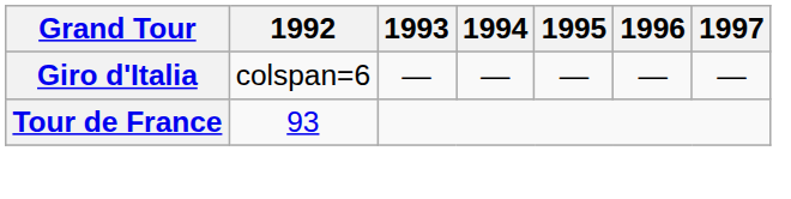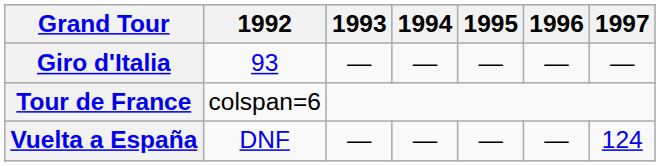 <table class="wikitable plainrowheaders">
 <tr>
 <th scope="col"><a href='#'>Grand Tour</a></th>
 <th scope="col">1992</th>
 <th scope="col">1993</th>
 <th scope="col">1994</th>
 <th scope="col">1995</th>
 <th scope="col">1996</th>
 <th scope="col">1997</th>
 </tr>
 <tr style="text-align:center;">
 <th scope="row"> <a href='#'>Giro d'Italia</a></th>
-<td>colspan=6 </td>
+<td style="text-align:center;"><a href='#'>93</a></td>
 <td>—</td>
 <td>—</td>
 <td>—</td>
 <td>—</td>
 <td>—</td>
 </tr>
 <tr style="text-align:center;">
 <th scope="row"> <a href='#'>Tour de France</a></th>
-<td style="text-align:center;"><a href='#'>93</a></td>
+<td>colspan=6 </td>
+</tr>
+<tr style="text-align:center;">
+<th scope="row"> <a href='#'>Vuelta a España</a></th>
+<td style="text-align:center;"><a href='#'>DNF</a></td>
+<td>—</td>
+<td>—</td>
+<td>—</td>
+<td>—</td>
+<td style="text-align:center;"><a href='#'>124</a></td>
 </tr>
 </table>
